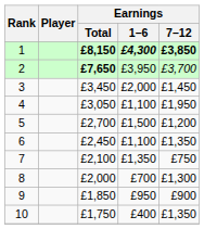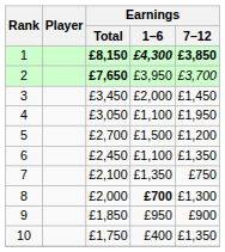 <table class="wikitable" style="float:right; text-align:right; margin-left:1em">
 <tr>
 <th rowspan=2>Rank</th>
 <th rowspan=2>Player</th>
 <th colspan=3>Earnings</th>
 </tr>
 <tr>
 <th>Total</th>
 <th>1–6</th>
 <th>7–12</th>
 </tr>
 <tr style="background-color:#ccffcc;">
 <td align=center>1</td>
 <td style="text-align:left"><em></em></td>
 <td><strong>£8,150</strong></td>
 <td><strong><em>£4,300</em></strong></td>
 <td><strong>£3,850</strong></td>
 </tr>
 <tr style="background-color:#ccffcc">
 <td align=center>2</td>
 <td style="text-align:left"><em></em></td>
 <td><strong>£7,650</strong></td>
 <td>£3,950</td>
 <td><em>£3,700</em></td>
 </tr>
 <tr>
 <td align=center>3</td>
 <td style="text-align:left"></td>
 <td>£3,450</td>
 <td>£2,000</td>
 <td>£1,450</td>
 </tr>
 <tr>
 <td align=center>4</td>
 <td style="text-align:left"></td>
 <td>£3,050</td>
 <td>£1,100</td>
 <td>£1,950</td>
 </tr>
 <tr>
 <td align=center>5</td>
 <td style="text-align:left"></td>
 <td>£2,700</td>
 <td>£1,500</td>
 <td>£1,200</td>
 </tr>
 <tr>
 <td align=center>6</td>
 <td style="text-align:left"></td>
 <td>£2,450</td>
 <td>£1,100</td>
 <td>£1,350</td>
 </tr>
 <tr>
 <td align=center>7</td>
 <td style="text-align:left"></td>
 <td>£2,100</td>
 <td>£1,350</td>
 <td>£750</td>
 </tr>
 <tr>
 <td align=center>8</td>
 <td style="text-align:left"></td>
 <td>£2,000</td>
-<td>£700</td>
+<td><strong>£700</strong></td>
 <td>£1,300</td>
 </tr>
 <tr>
 <td align=center>9</td>
 <td style="text-align:left"></td>
 <td>£1,850</td>
 <td>£950</td>
 <td>£900</td>
 </tr>
 <tr>
 <td align=center>10</td>
 <td style="text-align:left"></td>
 <td>£1,750</td>
 <td>£400</td>
 <td>£1,350</td>
 </tr>
 <tr>
 </tr>
 </table>
